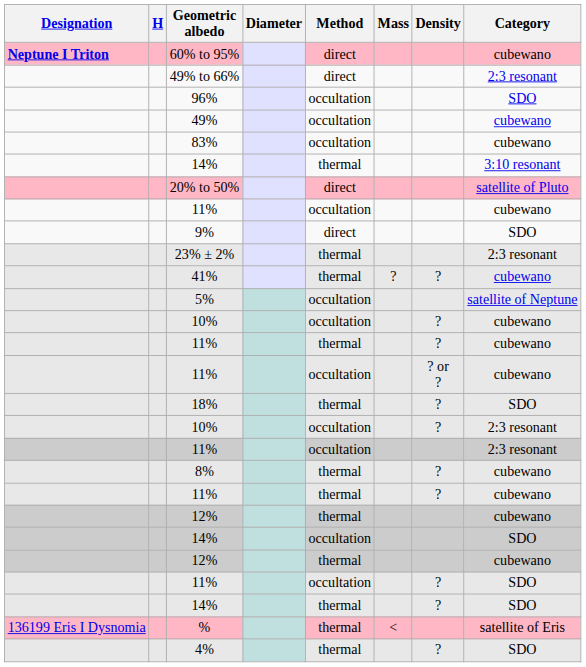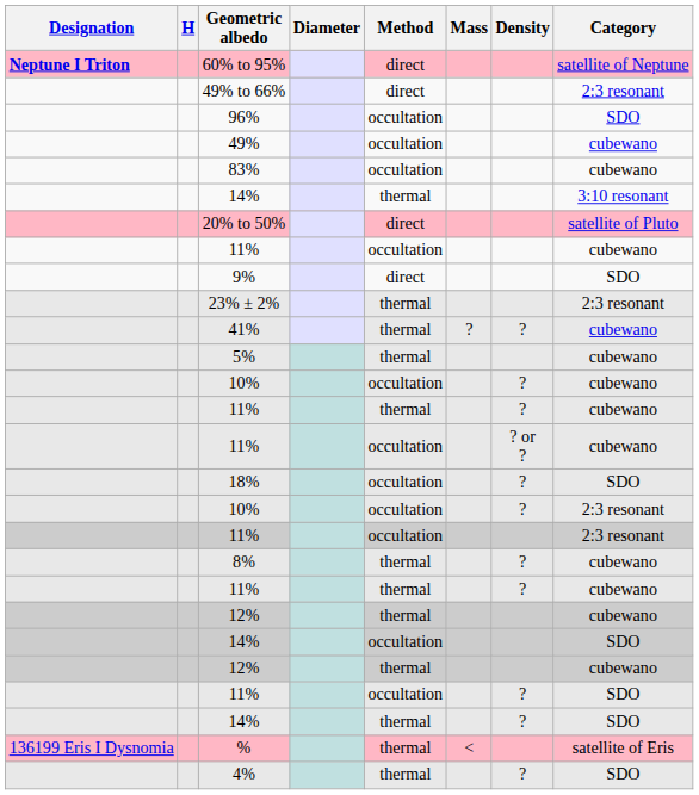 <table class="wikitable sortable" style="text-align: center;">
 <tr>
 <th data-sort-type="number"><a href='#'>Designation</a></th>
 <th data-sort-type="number"><a href='#'>H</a><br></th>
 <th data-sort-type="number">Geometric<br>albedo</th>
 <th data-sort-type="number">Diameter<br></th>
 <th>Method</th>
 <th data-sort-type="number">Mass<br></th>
 <th data-sort-type="number">Density<br></th>
 <th>Category</th>
 </tr>
 <tr style="background:#ffb7c5">
 <td style="text-align: left;" data-sort-value="0.81"><strong><a href='#'>Neptune I Triton</a></strong></td>
 <td></td>
 <td data-sort-value="77.5%">60% to 95%</td>
 <td style="background: #e0e0ff;"></td>
 <td>direct</td>
 <td></td>
 <td></td>
-<td>cubewano</td>
+<td><a href='#'>satellite of Neptune</a></td>
 </tr>
 <tr>
 <td style="text-align: left;" data-sort-value="134340"><strong></strong></td>
 <td></td>
 <td data-sort-value="57.5%">49% to 66%</td>
 <td style="background: #e0e0ff;"></td>
 <td>direct</td>
 <td></td>
 <td></td>
 <td><a href='#'>2:3 resonant</a></td>
 </tr>
 <tr>
 <td style="text-align: left;" data-sort-value="136199"><strong></strong></td>
 <td></td>
 <td>96%</td>
 <td style="background: #e0e0ff;"></td>
 <td>occultation</td>
 <td></td>
 <td></td>
 <td><a href='#'>SDO</a></td>
 </tr>
 <tr>
 <td style="text-align: left;" data-sort-value="136108"><strong></strong></td>
 <td></td>
 <td>49%</td>
 <td style="background: #e0e0ff;"></td>
 <td>occultation</td>
 <td></td>
 <td></td>
 <td><a href='#'>cubewano</a></td>
 </tr>
 <tr>
 <td style="text-align: left;" data-sort-value="136472"><strong></strong></td>
 <td></td>
 <td>83%</td>
 <td style="background: #e0e0ff;"></td>
 <td>occultation</td>
 <td></td>
 <td></td>
 <td>cubewano</td>
 </tr>
 <tr>
 <td style="text-align: left;" data-sort-value="225088"><strong></strong></td>
 <td></td>
 <td>14%</td>
 <td style="background: #e0e0ff;"></td>
 <td>thermal</td>
 <td></td>
 <td></td>
 <td><a href='#'>3:10 resonant</a></td>
 </tr>
 <tr style="background:#ffb7c5">
 <td style="text-align: left;" data-sort-value="134340.5"><strong></strong></td>
 <td></td>
 <td data-sort-value="35%">20% to 50%</td>
 <td style="background: #e0e0ff;"></td>
 <td>direct</td>
 <td></td>
 <td></td>
 <td><a href='#'>satellite of Pluto</a></td>
 </tr>
 <tr>
 <td style="text-align: left;" data-sort-value="50000"><strong></strong></td>
 <td></td>
 <td>11%</td>
 <td style="background: #e0e0ff;"></td>
 <td>occultation</td>
 <td></td>
 <td></td>
 <td>cubewano</td>
 </tr>
 <tr>
 <td style="text-align: left;" data-sort-value="1"><strong></strong></td>
 <td></td>
 <td>9%</td>
 <td style="background: #e0e0ff;"></td>
 <td>direct</td>
 <td></td>
 <td></td>
 <td>SDO</td>
 </tr>
 <tr style="background: #e8e8e8;">
 <td style="text-align: left;" data-sort-value="90482"><strong></strong></td>
 <td></td>
 <td>23% ± 2%</td>
 <td style="background: #e0e0ff;"></td>
 <td>thermal</td>
 <td></td>
 <td></td>
 <td>2:3 resonant</td>
 </tr>
 <tr style="background: #e8e8e8;">
 <td style="text-align: left;" data-sort-value="90377"><strong></strong></td>
 <td></td>
 <td>41%</td>
 <td style="background: #e0e0ff;"></td>
 <td>thermal</td>
 <td>?</td>
 <td>?</td>
 <td><a href='#'>cubewano</a></td>
 </tr>
 <tr style="background: #e8e8e8;">
 <td style="text-align: left;" data-sort-value="120347"><strong><em></em></strong></td>
 <td></td>
 <td>5%</td>
 <td style="background: #c0e0e0;"></td>
-<td>occultation</td>
+<td>thermal</td>
 <td></td>
 <td></td>
-<td><a href='#'>satellite of Neptune</a></td>
+<td>cubewano</td>
 </tr>
 <tr style="background: #e8e8e8;">
 <td style="text-align: left;" data-sort-value="307261"><strong><em></em></strong></td>
 <td></td>
 <td>10%</td>
 <td style="background: #c0e0e0;"></td>
 <td>occultation</td>
 <td></td>
 <td>?</td>
 <td>cubewano</td>
 </tr>
 <tr style="background: #e8e8e8;">
 <td style="text-align: left;" data-sort-value="55565"><strong><em></em></strong></td>
 <td></td>
 <td>11%</td>
 <td style="background: #c0e0e0;"></td>
 <td>thermal</td>
 <td></td>
 <td>?</td>
 <td>cubewano</td>
 </tr>
 <tr style="background: #e8e8e8;">
 <td style="text-align: left;" data-sort-value="174567"><strong><em></em></strong></td>
 <td></td>
 <td>11%</td>
 <td style="background: #c0e0e0;"></td>
 <td>occultation</td>
 <td></td>
 <td>? or<br>?</td>
 <td>cubewano</td>
 </tr>
 <tr style="background: #e8e8e8;">
 <td style="text-align: left;" data-sort-value="532037"><strong><em></em></strong></td>
 <td></td>
 <td>18%</td>
 <td style="background: #c0e0e0;"></td>
-<td>thermal</td>
+<td>occultation</td>
 <td></td>
 <td>?</td>
 <td>SDO</td>
 </tr>
 <tr style="background: #e8e8e8;">
 <td style="text-align: left;" data-sort-value="28978"><strong><em></em></strong></td>
 <td></td>
 <td>10%</td>
 <td style="background: #c0e0e0;"></td>
 <td>occultation</td>
 <td></td>
 <td>?</td>
 <td>2:3 resonant</td>
 </tr>
 <tr style="background: #cccccc;">
 <td style="text-align: left;" data-sort-value="208996"></td>
 <td></td>
 <td>11%</td>
 <td style="background: #c0e0e0;"></td>
 <td>occultation</td>
 <td></td>
 <td></td>
 <td>2:3 resonant</td>
 </tr>
 <tr style="background: #e8e8e8;">
 <td style="text-align: left;" data-sort-value="90568"></td>
 <td></td>
 <td>8%</td>
 <td style="background: #c0e0e0;"></td>
 <td>thermal</td>
 <td></td>
 <td>?</td>
 <td>cubewano</td>
 </tr>
 <tr style="background: #e8e8e8;">
 <td style="text-align: left;" data-sort-value="145452"></td>
 <td></td>
 <td>11%</td>
 <td style="background: #c0e0e0;"></td>
 <td>thermal</td>
 <td></td>
 <td>?</td>
 <td>cubewano</td>
 </tr>
 <tr style="background: #cccccc;">
 <td style="text-align: left;" data-sort-value="55637"></td>
 <td></td>
 <td>12%</td>
 <td style="background: #c0e0e0;"></td>
 <td>thermal</td>
 <td></td>
 <td></td>
 <td>cubewano</td>
 </tr>
 <tr style="background: #cccccc;">
 <td style="text-align: left;" data-sort-value="229762"></td>
 <td></td>
 <td>14%</td>
 <td style="background: #c0e0e0;"></td>
 <td>occultation</td>
 <td></td>
 <td></td>
 <td>SDO</td>
 </tr>
 <tr style="background: #cccccc;">
 <td style="text-align: left;" data-sort-value="20000"></td>
 <td></td>
 <td>12%</td>
 <td style="background: #c0e0e0;"></td>
 <td>thermal</td>
 <td></td>
 <td></td>
 <td>cubewano</td>
 </tr>
 <tr style="background: #e8e8e8;">
 <td style="text-align: left;" data-sort-value="145451"></td>
 <td></td>
 <td>11%</td>
 <td style="background: #c0e0e0; "></td>
 <td>occultation</td>
 <td></td>
 <td>?</td>
 <td>SDO</td>
 </tr>
 <tr style="background: #e8e8e8;">
 <td style="text-align: left;" data-sort-value="992014202502"></td>
 <td></td>
 <td>14%</td>
 <td style="background: #c0e0e0;"></td>
 <td>thermal</td>
 <td></td>
 <td>?</td>
 <td>SDO</td>
 </tr>
 <tr style="background:#ffb7c5">
 <td style="text-align: left;" data-sort-value="136199.5"><a href='#'>136199 Eris I Dysnomia</a></td>
 <td></td>
 <td data-sort-value="5%">%</td>
 <td style="background: #c0e0e0;"></td>
 <td>thermal</td>
 <td><</td>
 <td></td>
 <td>satellite of Eris</td>
 </tr>
 <tr style="background: #e8e8e8;">
 <td style="text-align: left;" data-sort-value="78799"></td>
 <td></td>
 <td>4%</td>
 <td style="background: #c0e0e0;"></td>
 <td>thermal</td>
 <td></td>
 <td>?</td>
 <td>SDO</td>
 </tr>
 </table>
